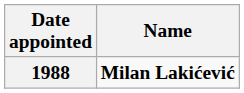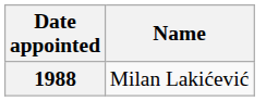 <table class="wikitable plainrowheaders">
 <tr>
 <th scope="col">Date <br> appointed</th>
 <th scope="col">Name</th>
 </tr>
 <tr>
 <th scope="row">1988</th>
-<td><strong>Milan Lakićević</strong></td>
+<td>Milan Lakićević</td>
 </tr>
 </table>
